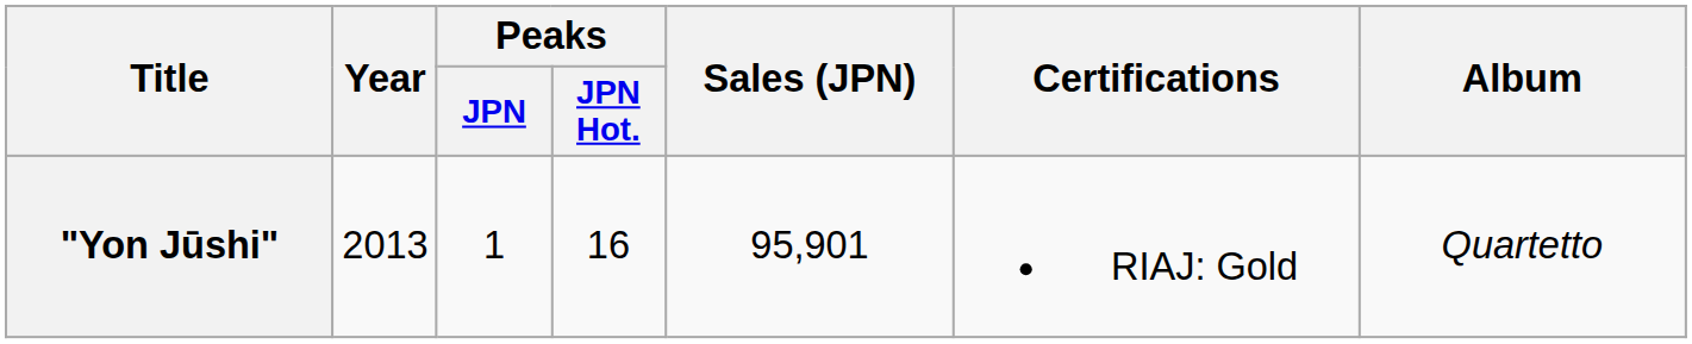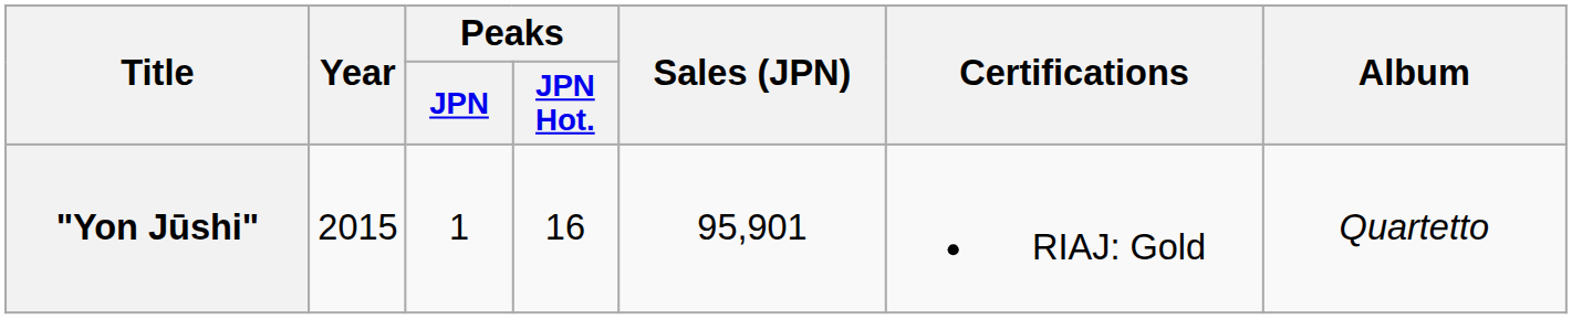 <table class="wikitable plainrowheaders" style="text-align: center;" border="1">
 <tr>
 <th rowspan="2" scope="col" style="width:8em;">Title</th>
 <th rowspan="2" scope="col" style="width:1em;">Year</th>
 <th colspan="2" scope="col">Peaks</th>
 <th rowspan="2" scope="col" style="width:7em;">Sales (JPN)</th>
 <th rowspan="2" scope="col" style="width:10em;">Certifications<br></th>
 <th rowspan="2" scope="col" style="width:8em;">Album</th>
 </tr>
 <tr>
 <th scope="col" style="width:3em;font-size:85%;"><a href='#'>JPN</a> <br></th>
 <th scope="col" style="width:3em;font-size:85%;"><a href='#'>JPN Hot.</a><br></th>
 </tr>
 <tr>
 <th scope="row">"Yon Jūshi"</th>
-<td>2013</td>
+<td>2015</td>
 <td>1</td>
 <td>16</td>
 <td>95,901</td>
 <td><br><ul><li>RIAJ: Gold</li></ul></td>
 <td><em>Quartetto</em></td>
 </tr>
 </table>
